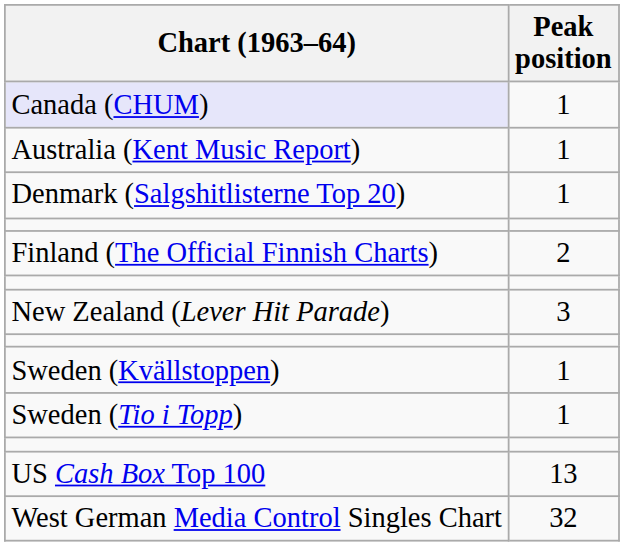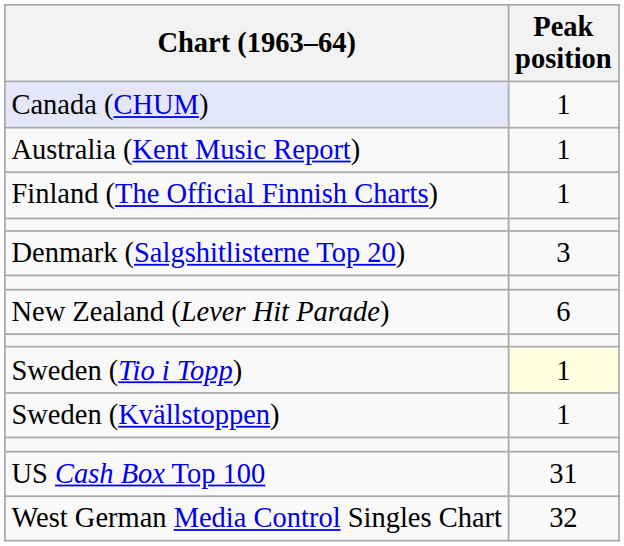 <table class="wikitable sortable">
 <tr>
 <th>Chart (1963–64)</th>
 <th>Peak<br>position</th>
 </tr>
 <tr>
 <td style="background: lavender;">Canada (<a href='#'>CHUM</a>)</td>
 <td align="center">1</td>
 </tr>
 <tr>
 <td>Australia (<a href='#'>Kent Music Report</a>)</td>
 <td align="center">1</td>
 </tr>
 <tr>
-<td>Denmark (<a href='#'>Salgshitlisterne Top 20</a>)</td>
+<td>Finland (<a href='#'>The Official Finnish Charts</a>)</td>
 <td style="text-align:center;">1</td>
 </tr>
 <tr>
 <td></td>
 </tr>
 <tr>
-<td>Finland (<a href='#'>The Official Finnish Charts</a>)</td>
-<td style="text-align:center;">2</td>
+<td>Denmark (<a href='#'>Salgshitlisterne Top 20</a>)</td>
+<td style="text-align:center;">3</td>
 </tr>
 <tr>
 <td></td>
 </tr>
 <tr>
 <td>New Zealand (<em>Lever Hit Parade</em>)</td>
-<td style="text-align:center;">3</td>
+<td style="text-align:center;">6</td>
 </tr>
 <tr>
 <td></td>
 </tr>
 <tr>
-<td>Sweden (<a href='#'>Kvällstoppen</a>)</td>
-<td style="text-align:center;">1</td>
+<td>Sweden (<em><a href='#'>Tio i Topp</a></em>)</td>
+<td style="background: lightyellow; text-align:center;">1</td>
 </tr>
 <tr>
-<td>Sweden (<em><a href='#'>Tio i Topp</a></em>)</td>
+<td>Sweden (<a href='#'>Kvällstoppen</a>)</td>
 <td style="text-align:center;">1</td>
 </tr>
 <tr>
 <td></td>
 </tr>
 <tr>
 <td>US <a href='#'><em>Cash Box</em> Top 100</a></td>
-<td align="center">13</td>
+<td align="center">31</td>
 </tr>
 <tr>
 <td>West German <a href='#'>Media Control</a> Singles Chart</td>
 <td align="center">32</td>
 </tr>
 </table>
